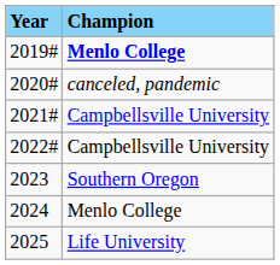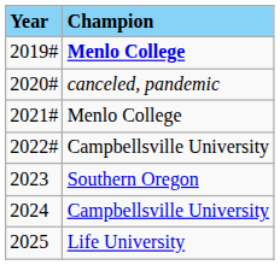 <table class="wikitable" style="font-size:85%;">
 <tr ! style="background-color: #87D3F8;">
 <td><strong>Year</strong></td>
 <td><strong>Champion</strong></td>
 </tr>
 <tr --->
 <td>2019#</td>
 <td><strong><a href='#'>Menlo College</a></strong></td>
 </tr>
 <tr --->
 <td>2020#</td>
 <td><em>canceled, pandemic</em></td>
 </tr>
 <tr --->
 <td>2021#</td>
-<td><a href='#'>Campbellsville University</a></td>
+<td>Menlo College</td>
 </tr>
 <tr --->
 <td>2022#</td>
 <td>Campbellsville University</td>
 </tr>
 <tr --->
 <td>2023</td>
 <td><a href='#'>Southern Oregon</a></td>
 </tr>
 <tr --->
 <td>2024</td>
-<td>Menlo College</td>
+<td><a href='#'>Campbellsville University</a></td>
 </tr>
 <tr --->
 <td>2025</td>
 <td><a href='#'>Life University</a></td>
 </tr>
 </table>
